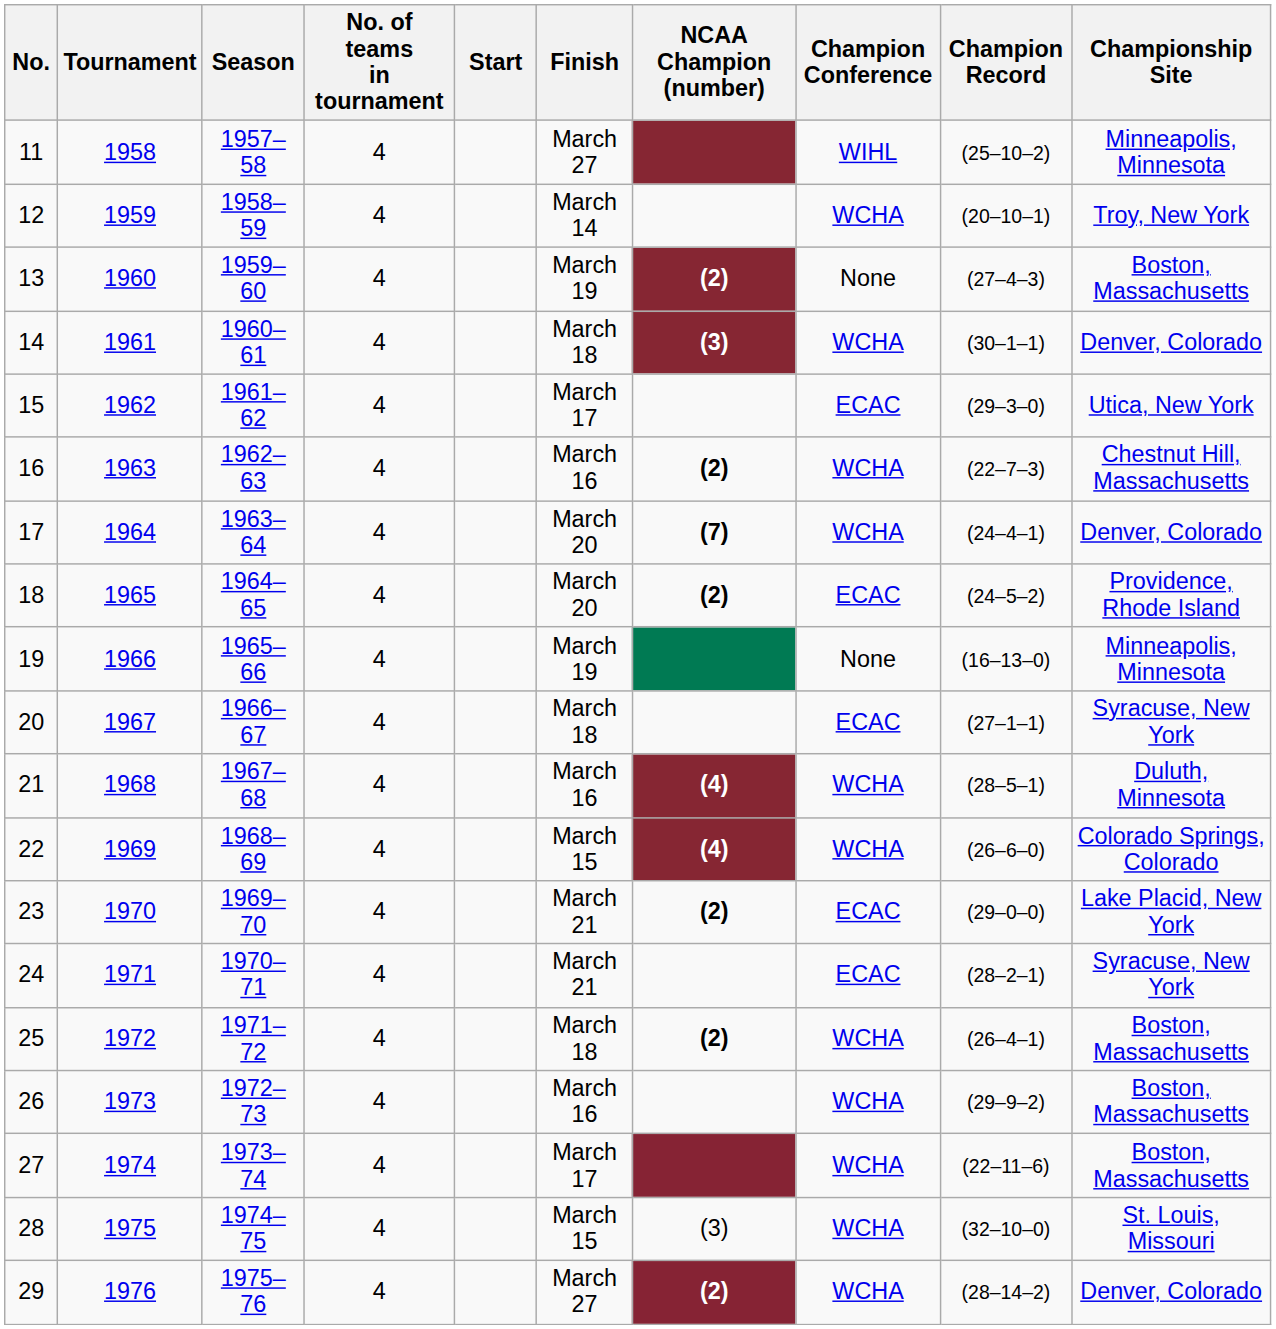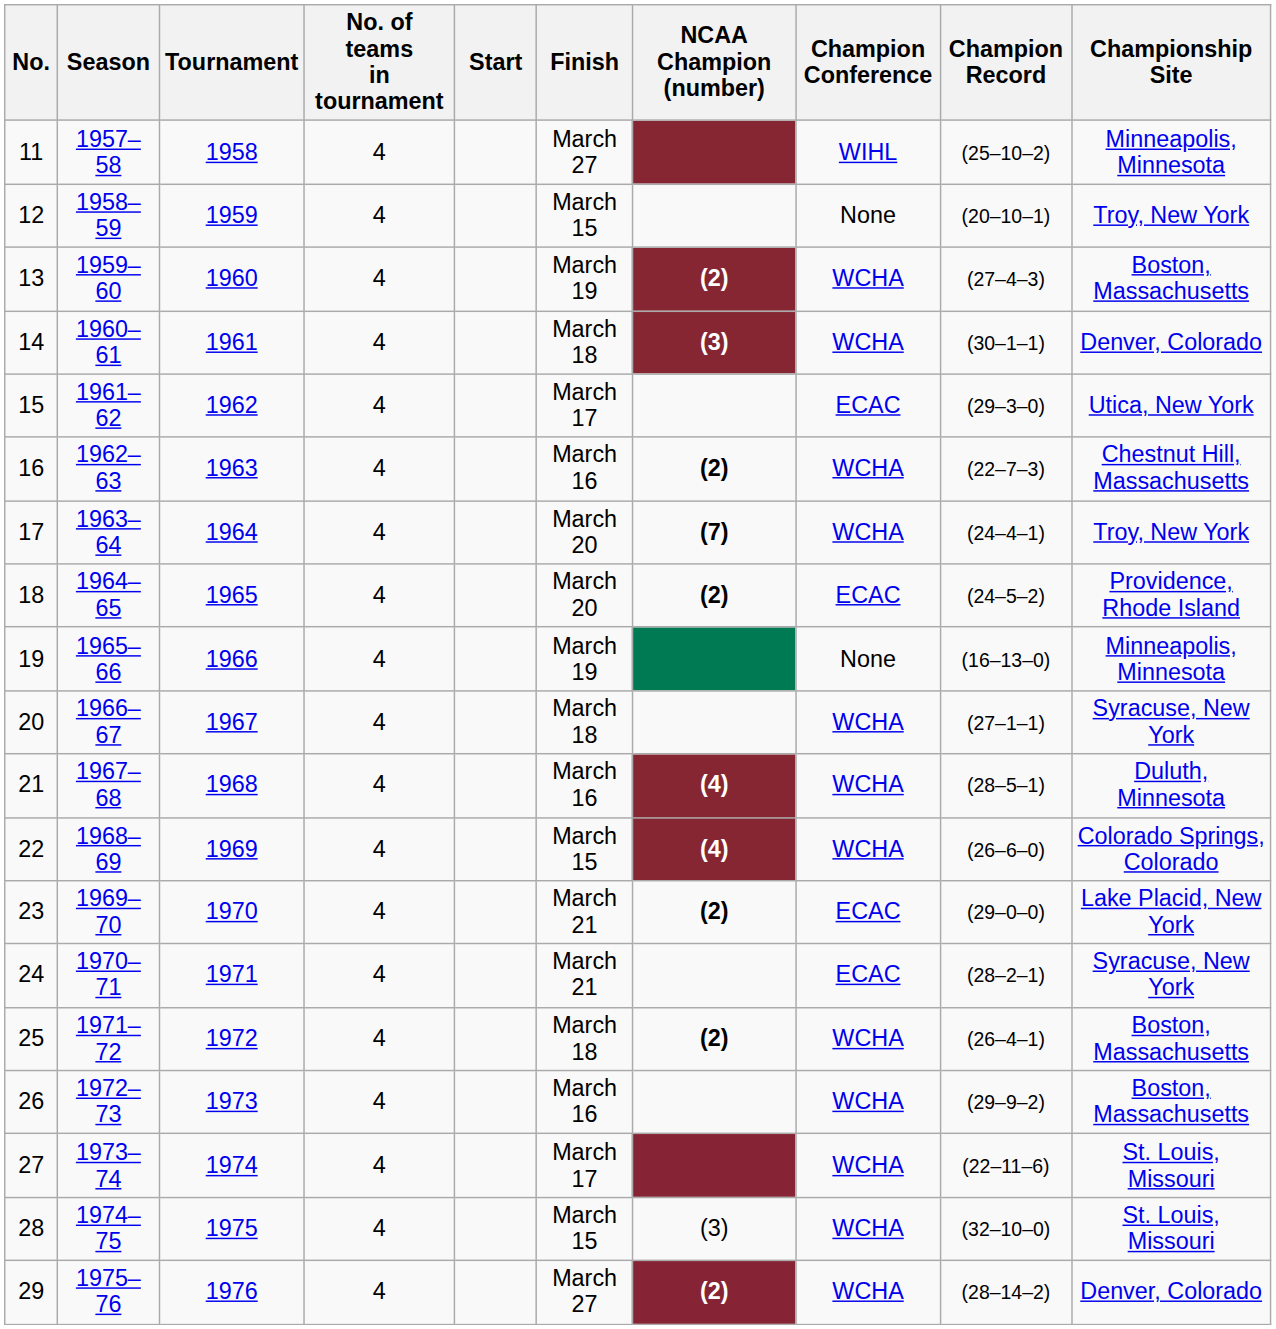 <table class="wikitable">
 <tr>
 <th style="width:3em">No.</th>
+<th style="width:6em">Season</th>
 <th style="width:6em">Tournament</th>
-<th style="width:6em">Season</th>
 <th style="width:9em">No. of teams<br>in tournament</th>
 <th style="width:8em">Start</th>
 <th style="width:8em">Finish</th>
 <th style="width:17em">NCAA Champion<br>(number)</th>
 <th style="width:7em">Champion<br>Conference</th>
 <th style="width:7em">Champion<br>Record</th>
 <th style="width:15em">Championship Site</th>
 </tr>
 <tr style="text-align:center;">
 <td>11</td>
+<td><a href='#'>1957–58</a></td>
 <td><a href='#'>1958</a></td>
-<td><a href='#'>1957–58</a></td>
 <td>4</td>
 <td></td>
 <td>March 27</td>
 <td style="color:white; background:#862633; "><strong><a href='#'></a></strong></td>
 <td><a href='#'>WIHL</a></td>
 <td><small>(25–10–2)</small></td>
 <td><a href='#'>Minneapolis, Minnesota</a></td>
 </tr>
 <tr style="text-align:center;">
 <td>12</td>
+<td><a href='#'>1958–59</a></td>
 <td><a href='#'>1959</a></td>
-<td><a href='#'>1958–59</a></td>
 <td>4</td>
 <td></td>
-<td>March 14</td>
+<td>March 15</td>
 <td><strong><a href='#'></a></strong></td>
-<td><a href='#'>WCHA</a></td>
+<td>None</td>
 <td><small>(20–10–1)</small></td>
 <td><a href='#'>Troy, New York</a></td>
 </tr>
 <tr style="text-align:center;">
 <td>13</td>
+<td><a href='#'>1959–60</a></td>
 <td><a href='#'>1960</a></td>
-<td><a href='#'>1959–60</a></td>
 <td>4 </td>
 <td></td>
 <td>March 19</td>
 <td style="color:white; background:#862633; "><strong><a href='#'></a> (2)</strong></td>
-<td>None</td>
+<td><a href='#'>WCHA</a></td>
 <td><small>(27–4–3)</small></td>
 <td><a href='#'>Boston, Massachusetts</a></td>
 </tr>
 <tr style="text-align:center;">
 <td>14</td>
+<td><a href='#'>1960–61</a></td>
 <td><a href='#'>1961</a></td>
-<td><a href='#'>1960–61</a></td>
 <td>4</td>
 <td></td>
 <td>March 18</td>
 <td style="color:white; background:#862633; "><strong><a href='#'></a> (3)</strong></td>
 <td><a href='#'>WCHA</a></td>
 <td><small>(30–1–1)</small></td>
 <td><a href='#'>Denver, Colorado</a></td>
 </tr>
 <tr style="text-align:center;">
 <td>15</td>
+<td><a href='#'>1961–62</a></td>
 <td><a href='#'>1962</a></td>
-<td><a href='#'>1961–62</a></td>
 <td>4</td>
 <td></td>
 <td>March 17</td>
 <td><strong><a href='#'></a></strong></td>
 <td><a href='#'>ECAC</a></td>
 <td><small>(29–3–0)</small></td>
 <td><a href='#'>Utica, New York</a></td>
 </tr>
 <tr style="text-align:center;">
 <td>16</td>
+<td><a href='#'>1962–63</a></td>
 <td><a href='#'>1963</a></td>
-<td><a href='#'>1962–63</a></td>
 <td>4</td>
 <td></td>
 <td>March 16</td>
 <td><strong><a href='#'></a> (2)</strong></td>
 <td><a href='#'>WCHA</a></td>
 <td><small>(22–7–3)</small></td>
 <td><a href='#'>Chestnut Hill, Massachusetts</a></td>
 </tr>
 <tr style="text-align:center;">
 <td>17</td>
+<td><a href='#'>1963–64</a></td>
 <td><a href='#'>1964</a></td>
-<td><a href='#'>1963–64</a></td>
 <td>4</td>
 <td></td>
 <td>March 20</td>
 <td><strong><a href='#'></a> (7)</strong></td>
 <td><a href='#'>WCHA</a></td>
 <td><small>(24–4–1)</small></td>
-<td><a href='#'>Denver, Colorado</a></td>
+<td><a href='#'>Troy, New York</a></td>
 </tr>
 <tr style="text-align:center;">
 <td>18</td>
+<td><a href='#'>1964–65</a></td>
 <td><a href='#'>1965</a></td>
-<td><a href='#'>1964–65</a></td>
 <td>4</td>
 <td></td>
 <td>March 20</td>
 <td><strong><a href='#'></a> (2)</strong></td>
 <td><a href='#'>ECAC</a></td>
 <td><small>(24–5–2)</small></td>
 <td><a href='#'>Providence, Rhode Island</a></td>
 </tr>
 <tr style="text-align:center;">
 <td>19</td>
+<td><a href='#'>1965–66</a></td>
 <td><a href='#'>1966</a></td>
-<td><a href='#'>1965–66</a></td>
 <td>4</td>
 <td></td>
 <td>March 19</td>
 <td style="color:white; background:#007A53"><strong><a href='#'></a></strong></td>
 <td>None</td>
 <td><small>(16–13–0)</small></td>
 <td><a href='#'>Minneapolis, Minnesota</a></td>
 </tr>
 <tr style="text-align:center;">
 <td>20</td>
+<td><a href='#'>1966–67</a></td>
 <td><a href='#'>1967</a></td>
-<td><a href='#'>1966–67</a></td>
 <td>4</td>
 <td></td>
 <td>March 18</td>
 <td><strong><a href='#'></a></strong></td>
-<td><a href='#'>ECAC</a></td>
+<td><a href='#'>WCHA</a></td>
 <td><small>(27–1–1)</small></td>
 <td><a href='#'>Syracuse, New York</a></td>
 </tr>
 <tr style="text-align:center;">
 <td>21</td>
+<td><a href='#'>1967–68</a></td>
 <td><a href='#'>1968</a></td>
-<td><a href='#'>1967–68</a></td>
 <td>4</td>
 <td></td>
 <td>March 16</td>
 <td style="color:white; background:#862633; "><strong><a href='#'></a> (4)</strong></td>
 <td><a href='#'>WCHA</a></td>
 <td><small>(28–5–1)</small></td>
 <td><a href='#'>Duluth, Minnesota</a></td>
 </tr>
 <tr style="text-align:center;">
 <td>22</td>
+<td><a href='#'>1968–69</a></td>
 <td><a href='#'>1969</a></td>
-<td><a href='#'>1968–69</a></td>
 <td>4</td>
 <td></td>
 <td>March 15</td>
 <td style="color:white; background:#862633; "><strong><a href='#'></a> (4)</strong></td>
 <td><a href='#'>WCHA</a></td>
 <td><small>(26–6–0)</small></td>
 <td><a href='#'>Colorado Springs, Colorado</a></td>
 </tr>
 <tr style="text-align:center;">
 <td>23</td>
+<td><a href='#'>1969–70</a></td>
 <td><a href='#'>1970</a></td>
-<td><a href='#'>1969–70</a></td>
 <td>4</td>
 <td></td>
 <td>March 21</td>
 <td><strong><a href='#'></a> (2)</strong></td>
 <td><a href='#'>ECAC</a></td>
 <td><small>(29–0–0)</small></td>
 <td><a href='#'>Lake Placid, New York</a></td>
 </tr>
 <tr style="text-align:center;">
 <td>24</td>
+<td><a href='#'>1970–71</a></td>
 <td><a href='#'>1971</a></td>
-<td><a href='#'>1970–71</a></td>
 <td>4</td>
 <td></td>
 <td>March 21</td>
 <td><strong><a href='#'></a></strong></td>
 <td><a href='#'>ECAC</a></td>
 <td><small>(28–2–1)</small></td>
 <td><a href='#'>Syracuse, New York</a></td>
 </tr>
 <tr style="text-align:center;">
 <td>25</td>
+<td><a href='#'>1971–72</a></td>
 <td><a href='#'>1972</a></td>
-<td><a href='#'>1971–72</a></td>
 <td>4</td>
 <td></td>
 <td>March 18</td>
 <td><strong><a href='#'></a> (2)</strong></td>
 <td><a href='#'>WCHA</a></td>
 <td><small>(26–4–1)</small></td>
 <td><a href='#'>Boston, Massachusetts</a></td>
 </tr>
 <tr style="text-align:center;">
 <td>26</td>
+<td><a href='#'>1972–73</a></td>
 <td><a href='#'>1973</a></td>
-<td><a href='#'>1972–73</a></td>
 <td>4</td>
 <td></td>
 <td>March 16</td>
 <td><strong><a href='#'></a></strong></td>
 <td><a href='#'>WCHA</a></td>
 <td><small>(29–9–2)</small></td>
 <td><a href='#'>Boston, Massachusetts</a></td>
 </tr>
 <tr style="text-align:center;">
 <td>27</td>
+<td><a href='#'>1973–74</a></td>
 <td><a href='#'>1974</a></td>
-<td><a href='#'>1973–74</a></td>
 <td>4</td>
 <td></td>
 <td>March 17</td>
 <td style="color:white; background:#862334; "><strong><a href='#'></a></strong></td>
 <td><a href='#'>WCHA</a></td>
 <td><small>(22–11–6)</small></td>
-<td><a href='#'>Boston, Massachusetts</a></td>
+<td><a href='#'>St. Louis, Missouri</a></td>
 </tr>
 <tr style="text-align:center;">
 <td>28</td>
+<td><a href='#'>1974–75</a></td>
 <td><a href='#'>1975</a></td>
-<td><a href='#'>1974–75</a></td>
 <td>4</td>
 <td></td>
 <td>March 15</td>
 <td><strong><a href='#'></a></strong> (3)</td>
 <td><a href='#'>WCHA</a></td>
 <td><small>(32–10–0)</small></td>
 <td><a href='#'>St. Louis, Missouri</a></td>
 </tr>
 <tr style="text-align:center;">
 <td>29</td>
+<td><a href='#'>1975–76</a></td>
 <td><a href='#'>1976</a></td>
-<td><a href='#'>1975–76</a></td>
 <td>4</td>
 <td></td>
 <td>March 27</td>
 <td style="color:white; background:#862334; "><strong><a href='#'></a> (2)</strong></td>
 <td><a href='#'>WCHA</a></td>
 <td><small>(28–14–2)</small></td>
 <td><a href='#'>Denver, Colorado</a></td>
 </tr>
 </table>
